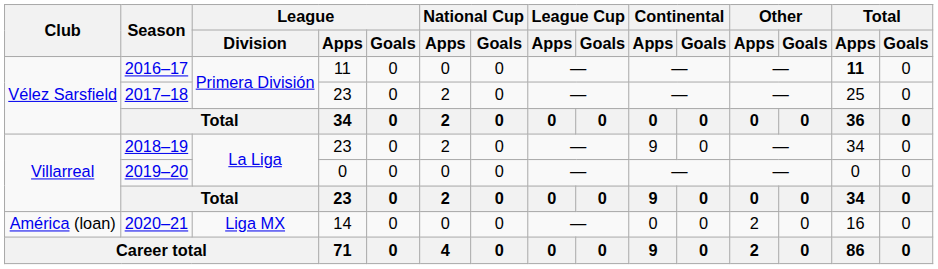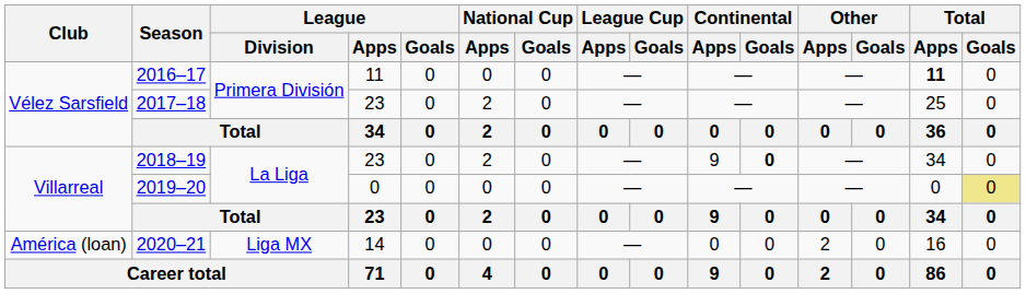 <table class="wikitable" style="text-align:center">
 <tr>
 <th rowspan="2">Club</th>
 <th rowspan="2">Season</th>
 <th colspan="3">League</th>
 <th colspan="2">National Cup</th>
 <th colspan="2">League Cup</th>
 <th colspan="2">Continental</th>
 <th colspan="2">Other</th>
 <th colspan="2">Total</th>
 </tr>
 <tr>
 <th>Division</th>
 <th>Apps</th>
 <th>Goals</th>
 <th>Apps</th>
 <th>Goals</th>
 <th>Apps</th>
 <th>Goals</th>
 <th>Apps</th>
 <th>Goals</th>
 <th>Apps</th>
 <th>Goals</th>
 <th>Apps</th>
 <th>Goals</th>
 </tr>
 <tr>
 <td rowspan="3"><a href='#'>Vélez Sarsfield</a></td>
 <td><a href='#'>2016–17</a></td>
 <td rowspan="2"><a href='#'>Primera División</a></td>
 <td>11</td>
 <td>0</td>
 <td>0</td>
 <td>0</td>
 <td colspan="2">—</td>
 <td colspan="2">—</td>
 <td colspan="2">—</td>
 <td><strong>11</strong></td>
 <td>0</td>
 </tr>
 <tr>
 <td><a href='#'>2017–18</a></td>
 <td>23</td>
 <td>0</td>
 <td>2</td>
 <td>0</td>
 <td colspan="2">—</td>
 <td colspan="2">—</td>
 <td colspan="2">—</td>
 <td>25</td>
 <td>0</td>
 </tr>
 <tr>
 <th colspan="2">Total</th>
 <th>34</th>
 <th>0</th>
 <th>2</th>
 <th>0</th>
 <th>0</th>
 <th>0</th>
 <th>0</th>
 <th>0</th>
 <th>0</th>
 <th>0</th>
 <th>36</th>
 <th>0</th>
 </tr>
 <tr>
 <td rowspan="3"><a href='#'>Villarreal</a></td>
 <td><a href='#'>2018–19</a></td>
 <td rowspan="2"><a href='#'>La Liga</a></td>
 <td>23</td>
 <td>0</td>
 <td>2</td>
 <td>0</td>
 <td colspan=2>—</td>
 <td>9</td>
-<td>0</td>
+<td><strong>0</strong></td>
 <td colspan="2">—</td>
 <td>34</td>
 <td>0</td>
 </tr>
 <tr>
 <td><a href='#'>2019–20</a></td>
 <td>0</td>
 <td>0</td>
 <td>0</td>
 <td>0</td>
 <td colspan="2">—</td>
 <td colspan="2">—</td>
 <td colspan="2">—</td>
 <td>0</td>
-<td>0</td>
+<td style="background: khaki;">0</td>
 </tr>
 <tr>
 <th colspan="2">Total</th>
 <th>23</th>
 <th>0</th>
 <th>2</th>
 <th>0</th>
 <th>0</th>
 <th>0</th>
 <th>9</th>
 <th>0</th>
 <th>0</th>
 <th>0</th>
 <th>34</th>
 <th>0</th>
 </tr>
 <tr>
 <td><a href='#'>América</a> (loan)</td>
 <td><a href='#'>2020–21</a></td>
 <td><a href='#'>Liga MX</a></td>
 <td>14</td>
 <td>0</td>
 <td>0</td>
 <td>0</td>
 <td colspan=2>—</td>
 <td>0</td>
 <td>0</td>
 <td>2</td>
 <td>0</td>
 <td>16</td>
 <td>0</td>
 </tr>
 <tr>
 <th colspan="3">Career total</th>
 <th>71</th>
 <th>0</th>
 <th>4</th>
 <th>0</th>
 <th>0</th>
 <th>0</th>
 <th>9</th>
 <th>0</th>
 <th>2</th>
 <th>0</th>
 <th>86</th>
 <th>0</th>
 </tr>
 </table>
